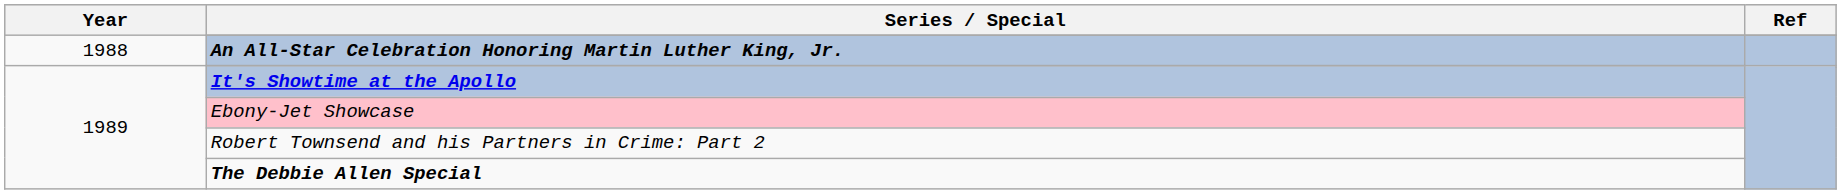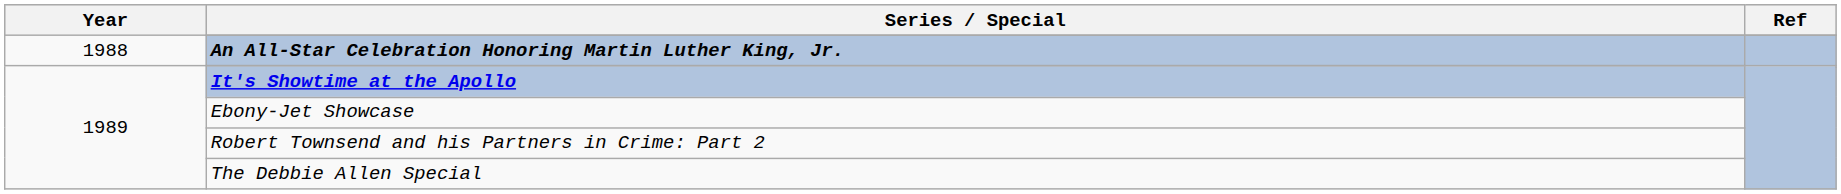 <table class="wikitable" style="width:100%;">
 <tr style="background:#bebebe;">
 <th style="width:11%;">Year</th>
 <th style="width:84%;">Series / Special</th>
 <th style="width:5%;">Ref</th>
 </tr>
 <tr>
 <td rowspan="2" align="center">1988</td>
 </tr>
 <tr style="background:#B0C4DE">
 <td><strong><em>An All-Star Celebration Honoring Martin Luther King, Jr.</em></strong></td>
 <td rowspan="2" align="center"></td>
 </tr>
 <tr>
 <td rowspan="5" align="center">1989</td>
 </tr>
 <tr style="background:#B0C4DE">
 <td><strong><em><a href='#'>It's Showtime at the Apollo</a></em></strong></td>
 <td rowspan="4" align="center"></td>
 </tr>
 <tr>
-<td style="background: pink;"><em>Ebony-Jet Showcase</em></td>
+<td><em>Ebony-Jet Showcase</em></td>
 </tr>
 <tr>
 <td><em>Robert Townsend and his Partners in Crime: Part 2</em></td>
 </tr>
 <tr>
-<td><strong><em>The Debbie Allen Special</em></strong></td>
+<td><em>The Debbie Allen Special</em></td>
 </tr>
 </table>
